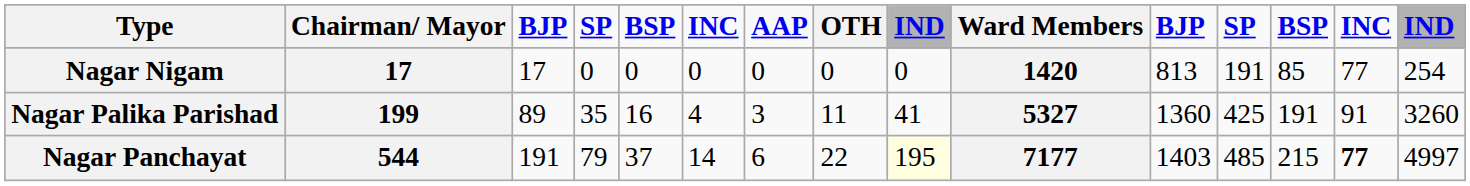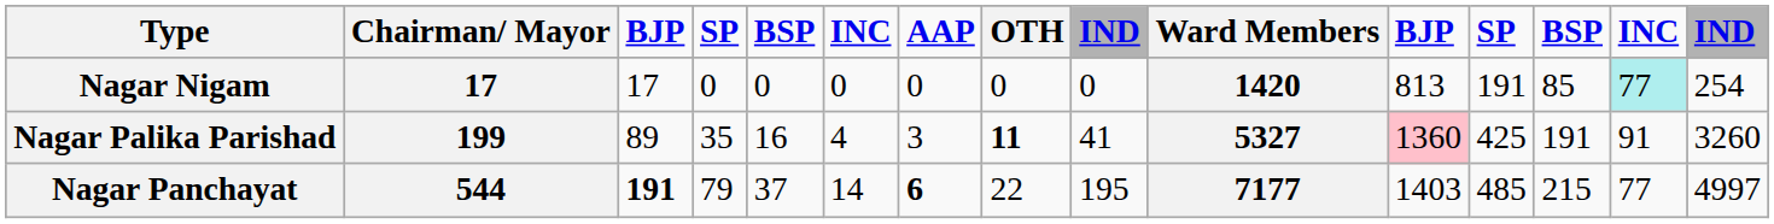 <table class="wikitable sortable">
 <tr>
 <th>Type</th>
 <th>Chairman/ Mayor</th>
 <td><a href='#'><span><strong>BJP</strong></span></a></td>
 <td><a href='#'><span><strong>SP</strong></span></a></td>
 <td><a href='#'><span><strong>BSP</strong></span></a></td>
 <td><a href='#'><span><strong>INC</strong></span></a></td>
 <td><a href='#'><span><strong>AAP</strong></span></a></td>
 <th>OTH</th>
 <td bgcolor="#B2B2B2"><a href='#'><span><strong>IND</strong></span></a></td>
 <th>Ward Members</th>
 <td><a href='#'><span><strong>BJP</strong></span></a></td>
 <td><a href='#'><span><strong>SP</strong></span></a></td>
 <td><a href='#'><span><strong>BSP</strong></span></a></td>
 <td><a href='#'><span><strong>INC</strong></span></a></td>
 <td bgcolor="#B2B2B2"><a href='#'><span><strong>IND</strong></span></a></td>
 </tr>
 <tr>
 <th>Nagar Nigam</th>
 <th>17</th>
 <td>17</td>
 <td>0</td>
 <td>0</td>
 <td>0</td>
 <td>0</td>
 <td>0</td>
 <td>0</td>
 <th>1420</th>
 <td>813</td>
 <td>191</td>
 <td>85</td>
-<td>77</td>
+<td style="background: paleturquoise;">77</td>
 <td>254</td>
 </tr>
 <tr>
 <th>Nagar Palika Parishad</th>
 <th>199</th>
 <td>89</td>
 <td>35</td>
 <td>16</td>
 <td>4</td>
 <td>3</td>
-<td>11</td>
+<td><strong>11</strong></td>
 <td>41</td>
 <th>5327</th>
-<td>1360</td>
+<td style="background: pink;">1360</td>
 <td>425</td>
 <td>191</td>
 <td>91</td>
 <td>3260</td>
 </tr>
 <tr>
 <th>Nagar Panchayat</th>
 <th>544</th>
-<td>191</td>
+<td><strong>191</strong></td>
 <td>79</td>
 <td>37</td>
 <td>14</td>
-<td>6</td>
+<td><strong>6</strong></td>
 <td>22</td>
-<td style="background: lightyellow;">195</td>
+<td>195</td>
 <th>7177</th>
 <td>1403</td>
 <td>485</td>
 <td>215</td>
-<td><strong>77</strong></td>
+<td>77</td>
 <td>4997</td>
 </tr>
 </table>
